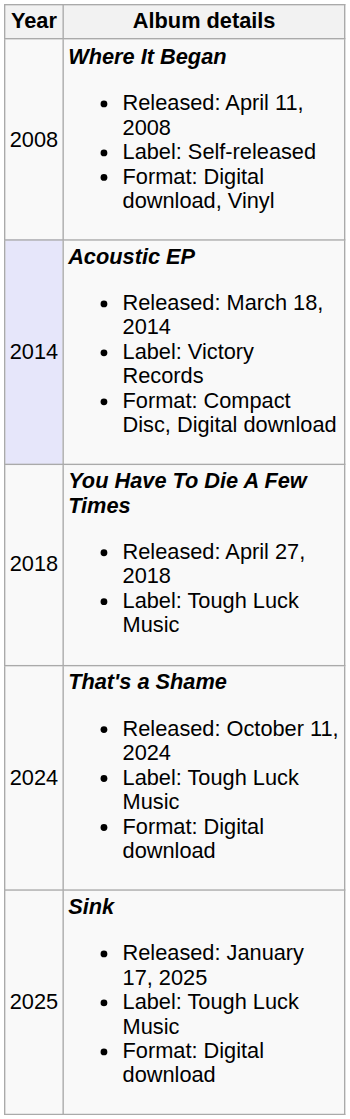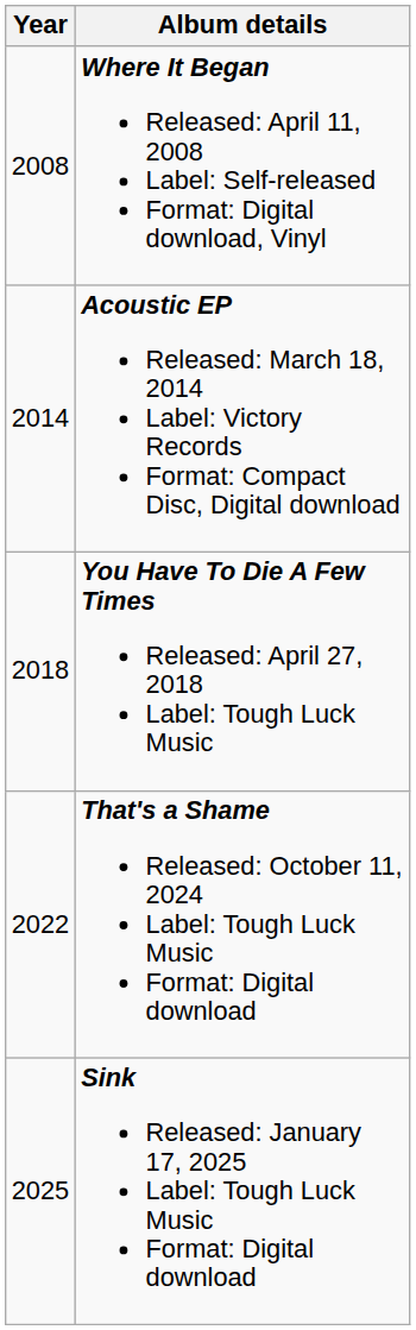 <table class="wikitable sortable">
 <tr>
 <th>Year</th>
 <th style="width:200px;">Album details</th>
 </tr>
 <tr>
 <td>2008</td>
 <td><strong><em>Where It Began</em></strong><br><ul><li>Released: April 11, 2008</li><li>Label: Self-released</li><li>Format: Digital download, Vinyl</li></ul></td>
 </tr>
 <tr>
-<td style="background: lavender;">2014</td>
+<td>2014</td>
 <td><strong><em>Acoustic EP</em></strong><br><ul><li>Released: March 18, 2014</li><li>Label: Victory Records</li><li>Format: Compact Disc, Digital download</li></ul></td>
 </tr>
 <tr>
 <td>2018</td>
 <td><strong><em>You Have To Die A Few Times</em></strong><br><ul><li>Released: April 27, 2018</li><li>Label: Tough Luck Music</li></ul></td>
 </tr>
 <tr>
-<td>2024</td>
+<td>2022</td>
 <td><strong><em>That's a Shame</em></strong><br><ul><li>Released: October 11, 2024</li><li>Label: Tough Luck Music</li><li>Format: Digital download</li></ul></td>
 </tr>
 <tr>
 <td>2025</td>
 <td><strong><em>Sink</em></strong><br><ul><li>Released: January 17, 2025</li><li>Label: Tough Luck Music</li><li>Format: Digital download</li></ul></td>
 </tr>
 </table>
